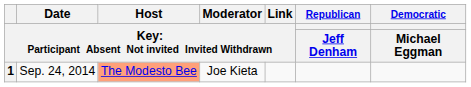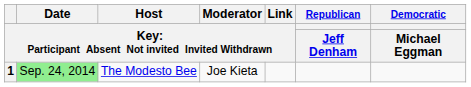 <table class="wikitable" style="text-align:center;">
 <tr>
 <th scope="col"></th>
 <th scope="col">Date</th>
 <th scope="col">Host</th>
 <th scope="col">Moderator</th>
 <th scope="col">Link</th>
 <th scope="col"><small><a href='#'>Republican</a></small></th>
 <th scope="col"><small><a href='#'>Democratic</a></small></th>
 </tr>
 <tr>
 <th colspan="5" rowspan="2">Key:<br> <small>Participant </small>  <small>Absent </small>  <small>Not invited </small>  <small>Invited  Withdrawn</small></th>
 <th scope="col" style="background:"></th>
 <th scope="col" style="background:"></th>
 </tr>
 <tr>
 <th scope="col"><a href='#'>Jeff Denham</a></th>
 <th scope="col">Michael Eggman</th>
 </tr>
 <tr>
 <th>1</th>
-<td style="white-space:nowrap;">Sep. 24, 2014</td>
-<td style="background: lightsalmon; white-space:nowrap;"><a href='#'>The Modesto Bee</a></td>
+<td style="background: lightgreen; white-space:nowrap;">Sep. 24, 2014</td>
+<td style="white-space:nowrap;"><a href='#'>The Modesto Bee</a></td>
 <td style="white-space:nowrap;">Joe Kieta</td>
 <td style="white-space:nowrap;"></td>
 <td></td>
 <td></td>
 </tr>
 </table>
